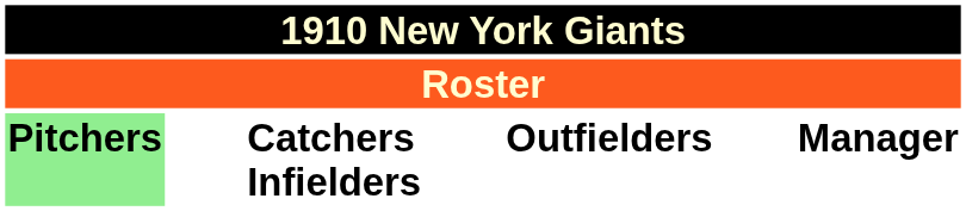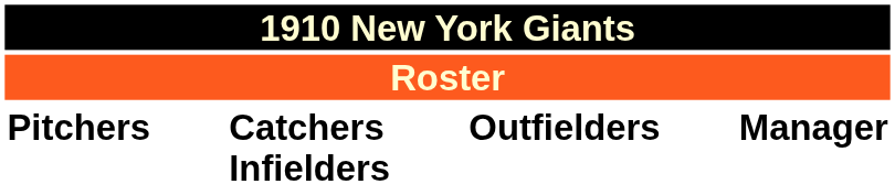 <table class="toccolours" style="font-size: 95%;">
 <tr>
 <th colspan="10" style="background-color: black; color: #FFFDD0; text-align: center;">1910 New York Giants</th>
 </tr>
 <tr>
 <td colspan="10" style="background-color: #fd5a1e; color: #FFFDD0; text-align: center;"><strong>Roster</strong></td>
 </tr>
 <tr>
-<td valign="top" style="background: lightgreen;"><strong>Pitchers</strong><br>          </td>
+<td valign="top"><strong>Pitchers</strong><br>          </td>
 <td width="25px"></td>
 <td valign="top"><strong>Catchers</strong><br>   <strong>Infielders</strong>       </td>
 <td width="25px"></td>
 <td valign="top"><strong>Outfielders</strong><br>      </td>
 <td width="25px"></td>
 <td valign="top"><strong>Manager</strong><br></td>
 </tr>
 </table>
